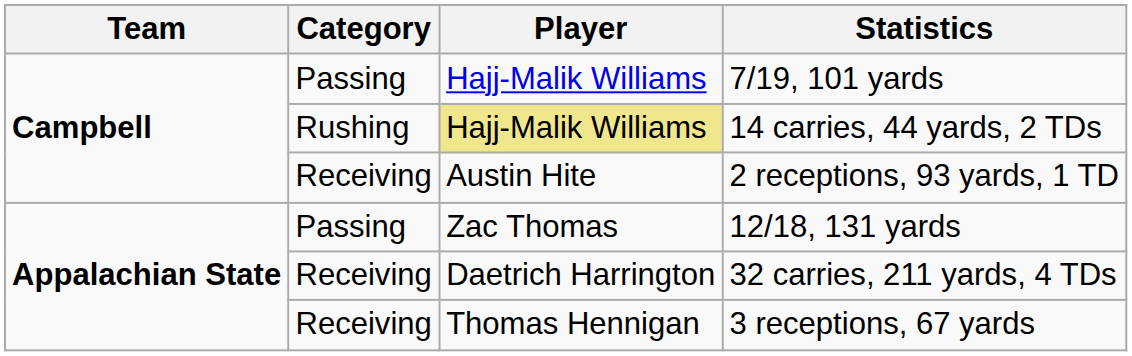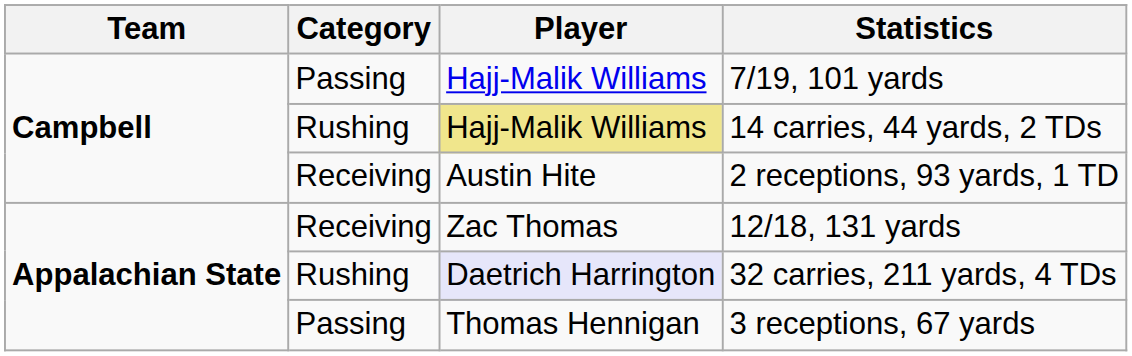 <table class="wikitable" style="float: left;">
 <tr>
 <th>Team</th>
 <th>Category</th>
 <th>Player</th>
 <th>Statistics</th>
 </tr>
 <tr>
 <td rowspan=3><strong>Campbell</strong></td>
 <td>Passing</td>
 <td><a href='#'>Hajj-Malik Williams</a></td>
 <td>7/19, 101 yards</td>
 </tr>
 <tr>
 <td>Rushing</td>
 <td style="background: khaki;">Hajj-Malik Williams</td>
 <td>14 carries, 44 yards, 2 TDs</td>
 </tr>
 <tr>
 <td>Receiving</td>
 <td>Austin Hite</td>
 <td>2 receptions, 93 yards, 1 TD</td>
 </tr>
 <tr>
 <td rowspan=3><strong>Appalachian State</strong></td>
-<td>Passing</td>
+<td>Receiving</td>
 <td>Zac Thomas</td>
 <td>12/18, 131 yards</td>
 </tr>
 <tr>
-<td>Receiving</td>
-<td>Daetrich Harrington</td>
+<td>Rushing</td>
+<td style="background: lavender;">Daetrich Harrington</td>
 <td>32 carries, 211 yards, 4 TDs</td>
 </tr>
 <tr>
-<td>Receiving</td>
+<td>Passing</td>
 <td>Thomas Hennigan</td>
 <td>3 receptions, 67 yards</td>
 </tr>
 </table>
